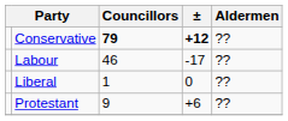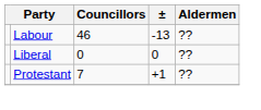 <table class="wikitable">
 <tr>
 <th colspan="2">Party</th>
 <th>Councillors</th>
 <th>  ±  </th>
 <th>Aldermen</th>
 </tr>
 <tr>
 <td style="background-color: "></td>
-<td><a href='#'>Conservative</a></td>
-<td><strong>79</strong></td>
-<td><strong>+12</strong></td>
-<td>??</td>
-</tr>
-<tr>
-<td style="background-color: "></td>
 <td><a href='#'>Labour</a></td>
 <td>46</td>
-<td>-17</td>
+<td>-13</td>
 <td>??</td>
 </tr>
 <tr>
 <td style="background-color: "></td>
 <td><a href='#'>Liberal</a></td>
-<td>1</td>
+<td>0</td>
 <td>0</td>
 <td>??</td>
 </tr>
 <tr>
 <td style="background-color: "></td>
 <td><a href='#'>Protestant</a></td>
-<td>9</td>
-<td>+6</td>
+<td>7</td>
+<td>+1</td>
 <td>??</td>
 </tr>
 <tr>
 </tr>
 </table>
